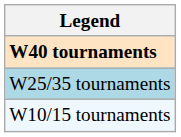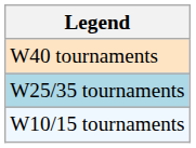 <table class="wikitable" style="font-size:85%">
 <tr>
 <th>Legend</th>
 </tr>
 <tr style="background:#ffe4c4;">
-<td><strong>W40 tournaments</strong></td>
+<td>W40 tournaments</td>
 </tr>
 <tr style="background:lightblue;">
 <td>W25/35 tournaments</td>
 </tr>
 <tr style="background:#f0f8ff;">
 <td>W10/15 tournaments</td>
 </tr>
 </table>
